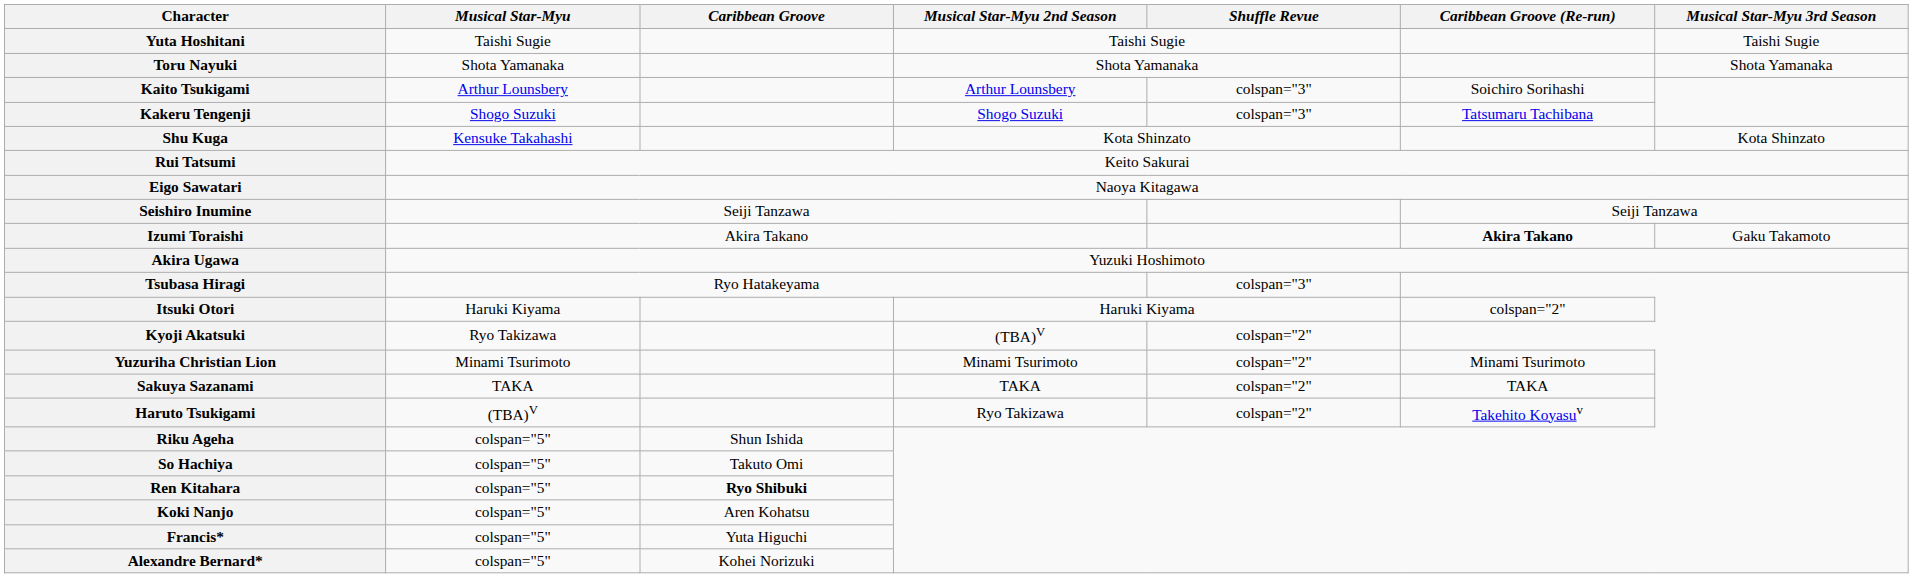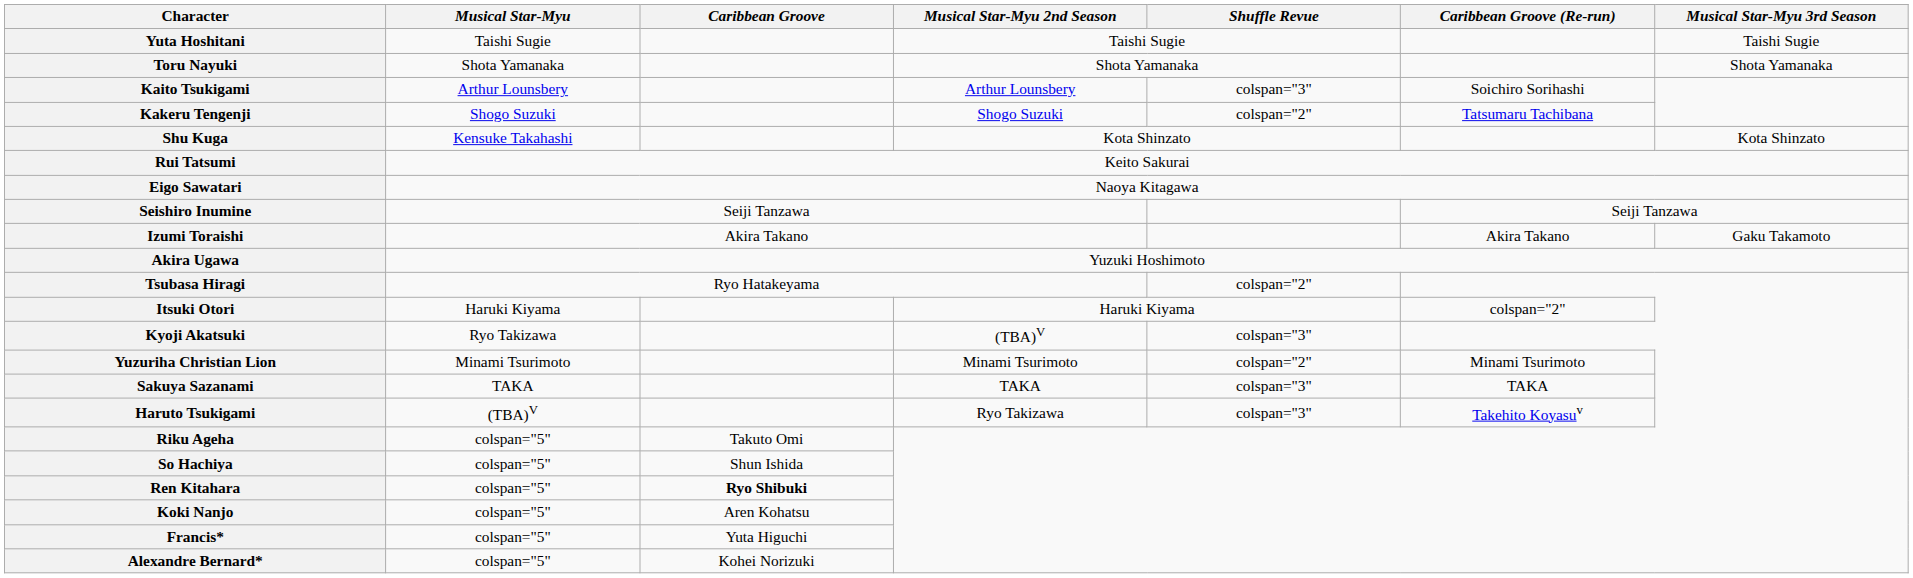 <table class="wikitable" style="width:100%; text-align:center;">
 <tr>
 <th scope="col" width="20%">Character</th>
 <th scope="col" width="13.3%"><em>Musical Star-Myu</em></th>
 <th scope="col" width="13.3%"><em>Caribbean Groove</em></th>
 <th scope="col" width="13.3%"><em>Musical Star-Myu 2nd Season</em></th>
 <th scope="col" width="13.3%"><em>Shuffle Revue</em></th>
 <th scope="col" width="13.3%"><em>Caribbean Groove (Re-run)</em></th>
 <th scope="col" width="13.3%"><em>Musical Star-Myu 3rd Season</em></th>
 </tr>
 <tr>
 <th><strong>Yuta Hoshitani</strong></th>
 <td>Taishi Sugie</td>
 <td></td>
 <td colspan="2">Taishi Sugie</td>
 <td></td>
 <td>Taishi Sugie</td>
 </tr>
 <tr>
 <th><strong>Toru Nayuki</strong></th>
 <td>Shota Yamanaka</td>
 <td></td>
 <td colspan="2">Shota Yamanaka</td>
 <td></td>
 <td>Shota Yamanaka</td>
 </tr>
 <tr>
 <th><strong>Kaito Tsukigami</strong></th>
 <td><a href='#'>Arthur Lounsbery</a></td>
 <td></td>
 <td><a href='#'>Arthur Lounsbery</a></td>
 <td>colspan="3" </td>
 <td>Soichiro Sorihashi</td>
 </tr>
 <tr>
 <th><strong>Kakeru Tengenji</strong></th>
 <td><a href='#'>Shogo Suzuki</a></td>
 <td></td>
 <td><a href='#'>Shogo Suzuki</a></td>
-<td>colspan="3" </td>
+<td>colspan="2" </td>
 <td><a href='#'>Tatsumaru Tachibana</a></td>
 </tr>
 <tr>
 <th><strong>Shu Kuga</strong></th>
 <td><a href='#'>Kensuke Takahashi</a></td>
 <td></td>
 <td colspan="2">Kota Shinzato</td>
 <td></td>
 <td>Kota Shinzato</td>
 </tr>
 <tr>
 <th><strong>Rui Tatsumi</strong></th>
 <td colspan="6">Keito Sakurai</td>
 </tr>
 <tr>
 <th><strong>Eigo Sawatari</strong></th>
 <td colspan="6">Naoya Kitagawa</td>
 </tr>
 <tr>
 <th><strong>Seishiro Inumine</strong></th>
 <td colspan="3">Seiji Tanzawa</td>
 <td></td>
 <td colspan="2">Seiji Tanzawa</td>
 </tr>
 <tr>
 <th><strong>Izumi Toraishi</strong></th>
 <td colspan="3">Akira Takano</td>
 <td></td>
-<td><strong>Akira Takano</strong></td>
+<td>Akira Takano</td>
 <td>Gaku Takamoto</td>
 </tr>
 <tr>
 <th><strong>Akira Ugawa</strong></th>
 <td colspan="6">Yuzuki Hoshimoto</td>
 </tr>
 <tr>
 <th><strong>Tsubasa Hiragi</strong></th>
 <td colspan="3">Ryo Hatakeyama</td>
-<td>colspan="3" </td>
+<td>colspan="2" </td>
 </tr>
 <tr>
 <th><strong>Itsuki Otori</strong></th>
 <td>Haruki Kiyama</td>
 <td></td>
 <td colspan="2">Haruki Kiyama</td>
 <td>colspan="2" </td>
 </tr>
 <tr>
 <th><strong>Kyoji Akatsuki</strong></th>
 <td>Ryo Takizawa</td>
 <td></td>
 <td>(TBA)<sup>V</sup></td>
-<td>colspan="2" </td>
+<td>colspan="3" </td>
 </tr>
 <tr>
 <th><strong>Yuzuriha Christian Lion</strong></th>
 <td>Minami Tsurimoto</td>
 <td></td>
 <td>Minami Tsurimoto</td>
 <td>colspan="2" </td>
 <td>Minami Tsurimoto</td>
 </tr>
 <tr>
 <th>Sakuya Sazanami</th>
 <td>TAKA</td>
 <td></td>
 <td>TAKA</td>
-<td>colspan="2" </td>
+<td>colspan="3" </td>
 <td>TAKA</td>
 </tr>
 <tr>
 <th><strong>Haruto Tsukigami</strong></th>
 <td>(TBA)<sup>V</sup></td>
 <td></td>
 <td>Ryo Takizawa</td>
-<td>colspan="2" </td>
+<td>colspan="3" </td>
 <td><a href='#'>Takehito Koyasu</a><sup>v</sup></td>
 </tr>
 <tr>
 <th><strong>Riku Ageha</strong></th>
 <td>colspan="5" </td>
-<td>Shun Ishida</td>
+<td>Takuto Omi</td>
 </tr>
 <tr>
 <th><strong>So Hachiya</strong></th>
 <td>colspan="5" </td>
-<td>Takuto Omi</td>
+<td>Shun Ishida</td>
 </tr>
 <tr>
 <th><strong>Ren Kitahara</strong></th>
 <td>colspan="5" </td>
 <td><strong>Ryo Shibuki</strong></td>
 </tr>
 <tr>
 <th><strong>Koki Nanjo</strong></th>
 <td>colspan="5" </td>
 <td>Aren Kohatsu</td>
 </tr>
 <tr>
 <th><strong>Francis*</strong></th>
 <td>colspan="5" </td>
 <td>Yuta Higuchi</td>
 </tr>
 <tr>
 <th><strong>Alexandre Bernard*</strong></th>
 <td>colspan="5" </td>
 <td>Kohei Norizuki</td>
 </tr>
 </table>
